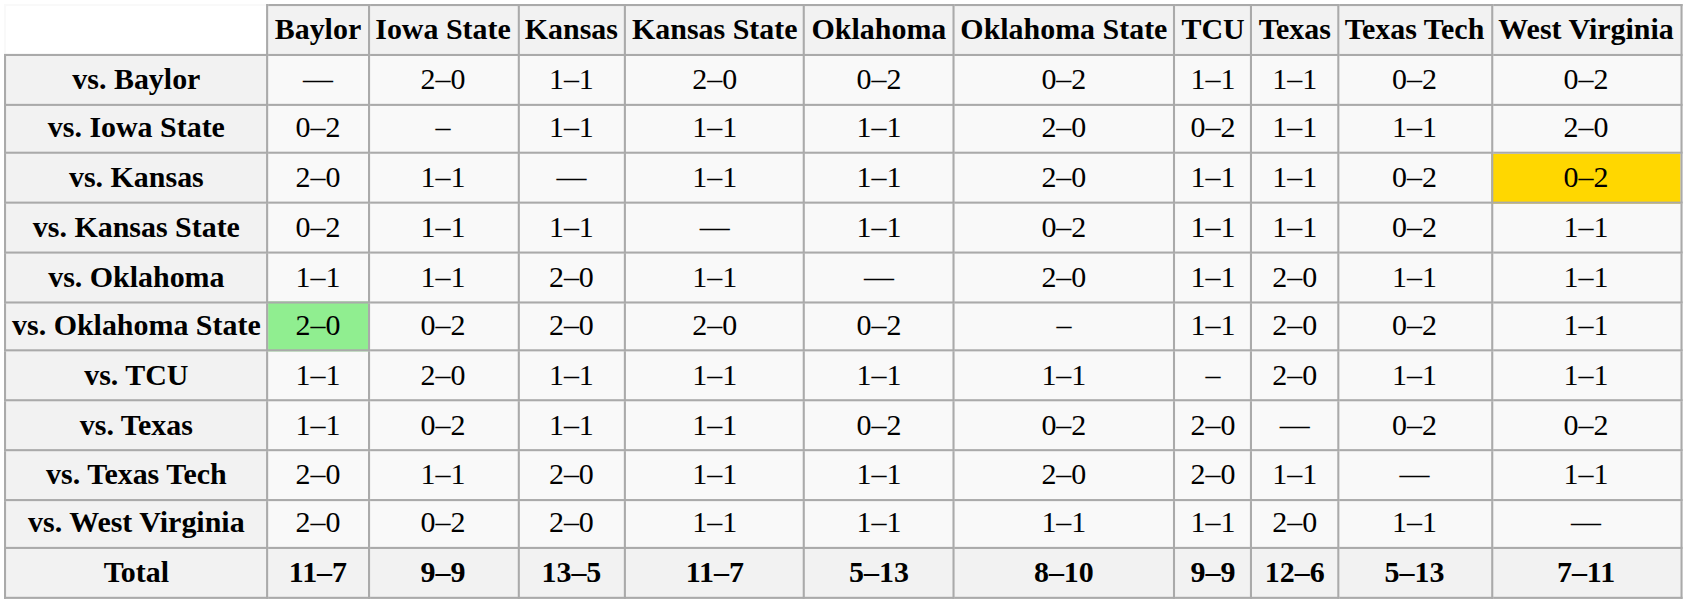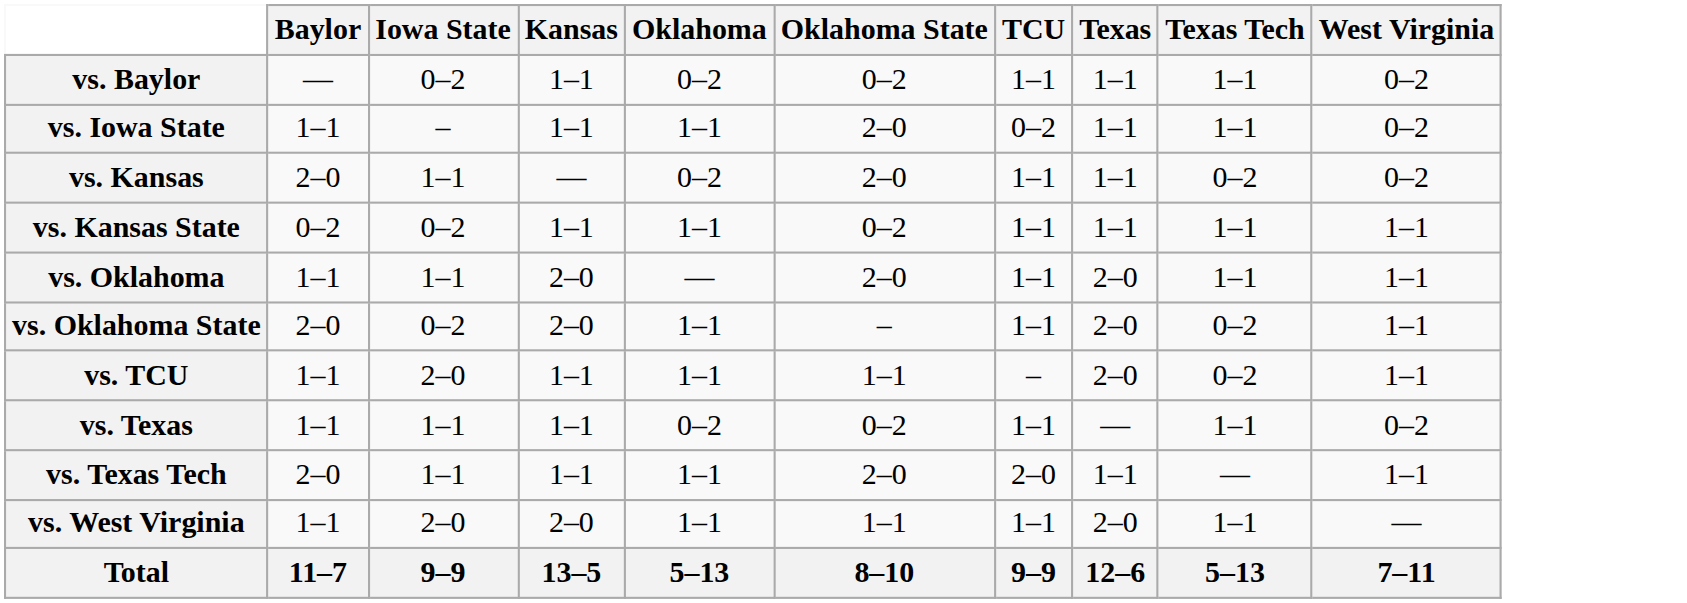 <table class="wikitable" style="white-space:nowrap;font-size:90%;">
 <tr>
 <th colspan="1" style="background:white; border-top-style:hidden; border-left-style:hidden;" width="75"> </th>
 <th>Baylor</th>
 <th>Iowa State</th>
 <th>Kansas</th>
-<th>Kansas State</th>
 <th>Oklahoma</th>
 <th>Oklahoma State</th>
 <th>TCU</th>
 <th>Texas</th>
 <th>Texas Tech</th>
 <th>West Virginia</th>
 </tr>
 <tr style="text-align:center;">
 <th>vs. Baylor</th>
 <td>—</td>
-<td>2–0</td>
+<td>0–2</td>
+<td>1–1</td>
+<td>0–2</td>
+<td>0–2</td>
+<td>1–1</td>
+<td>1–1</td>
+<td>1–1</td>
+<td>0–2</td>
+</tr>
+<tr style="text-align:center;">
+<th>vs. Iowa State</th>
+<td>1–1</td>
+<td>–</td>
+<td>1–1</td>
 <td>1–1</td>
 <td>2–0</td>
 <td>0–2</td>
+<td>1–1</td>
+<td>1–1</td>
 <td>0–2</td>
+</tr>
+<tr style="text-align:center;">
+<th>vs. Kansas</th>
+<td>2–0</td>
+<td>1–1</td>
+<td>—</td>
+<td>0–2</td>
+<td>2–0</td>
 <td>1–1</td>
 <td>1–1</td>
 <td>0–2</td>
 <td>0–2</td>
 </tr>
 <tr style="text-align:center;">
-<th>vs. Iowa State</th>
+<th>vs. Kansas State</th>
 <td>0–2</td>
-<td>–</td>
-<td>1–1</td>
-<td>1–1</td>
-<td>1–1</td>
-<td>2–0</td>
 <td>0–2</td>
 <td>1–1</td>
-<td>1–1</td>
-<td>2–0</td>
-</tr>
-<tr style="text-align:center;">
-<th>vs. Kansas</th>
-<td>2–0</td>
-<td>1–1</td>
-<td>—</td>
-<td>1–1</td>
-<td>1–1</td>
-<td>2–0</td>
-<td>1–1</td>
-<td>1–1</td>
-<td>0–2</td>
-<td style="background: gold;">0–2</td>
-</tr>
-<tr style="text-align:center;">
-<th>vs. Kansas State</th>
-<td>0–2</td>
-<td>1–1</td>
-<td>1–1</td>
-<td>—</td>
 <td>1–1</td>
 <td>0–2</td>
 <td>1–1</td>
 <td>1–1</td>
-<td>0–2</td>
+<td>1–1</td>
 <td>1–1</td>
 </tr>
 <tr style="text-align:center;">
 <th>vs. Oklahoma</th>
 <td>1–1</td>
 <td>1–1</td>
 <td>2–0</td>
-<td>1–1</td>
 <td>—</td>
 <td>2–0</td>
 <td>1–1</td>
 <td>2–0</td>
 <td>1–1</td>
 <td>1–1</td>
 </tr>
 <tr style="text-align:center;">
 <th>vs. Oklahoma State</th>
-<td style="background: lightgreen;">2–0</td>
+<td>2–0</td>
 <td>0–2</td>
 <td>2–0</td>
-<td>2–0</td>
-<td>0–2</td>
+<td>1–1</td>
 <td>–</td>
 <td>1–1</td>
 <td>2–0</td>
 <td>0–2</td>
 <td>1–1</td>
 </tr>
 <tr style="text-align:center;">
 <th>vs. TCU</th>
 <td>1–1</td>
 <td>2–0</td>
 <td>1–1</td>
 <td>1–1</td>
 <td>1–1</td>
-<td>1–1</td>
 <td>–</td>
 <td>2–0</td>
-<td>1–1</td>
+<td>0–2</td>
 <td>1–1</td>
 </tr>
 <tr style="text-align:center;">
 <th>vs. Texas</th>
 <td>1–1</td>
-<td>0–2</td>
 <td>1–1</td>
 <td>1–1</td>
 <td>0–2</td>
 <td>0–2</td>
-<td>2–0</td>
+<td>1–1</td>
 <td>—</td>
-<td>0–2</td>
+<td>1–1</td>
 <td>0–2</td>
 </tr>
 <tr style="text-align:center;">
 <th>vs. Texas Tech</th>
 <td>2–0</td>
 <td>1–1</td>
-<td>2–0</td>
 <td>1–1</td>
 <td>1–1</td>
 <td>2–0</td>
 <td>2–0</td>
 <td>1–1</td>
 <td>—</td>
 <td>1–1</td>
 </tr>
 <tr style="text-align:center;">
 <th>vs. West Virginia</th>
+<td>1–1</td>
 <td>2–0</td>
-<td>0–2</td>
 <td>2–0</td>
-<td>1–1</td>
 <td>1–1</td>
 <td>1–1</td>
 <td>1–1</td>
 <td>2–0</td>
 <td>1–1</td>
 <td>—<br></td>
 </tr>
 <tr style="text-align:center;">
 <th>Total</th>
 <th>11–7</th>
 <th>9–9</th>
 <th>13–5</th>
-<th>11–7</th>
 <th>5–13</th>
 <th>8–10</th>
 <th>9–9</th>
 <th>12–6</th>
 <th>5–13</th>
 <th>7–11</th>
 </tr>
 </table>
